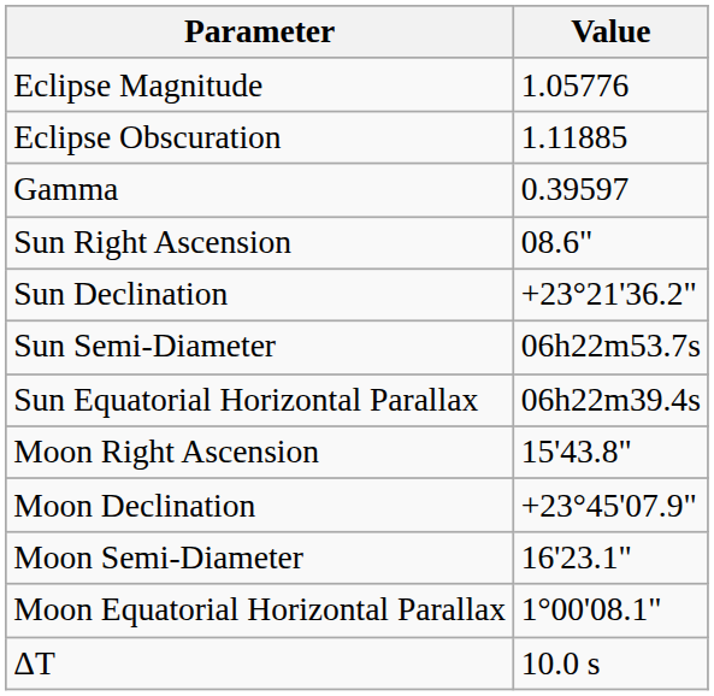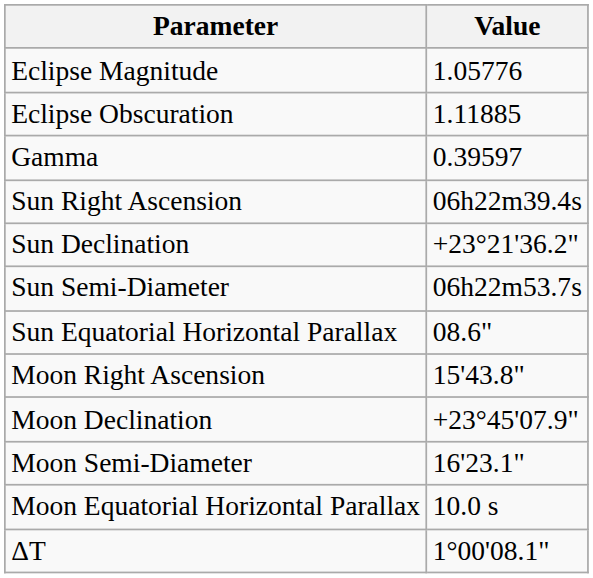 <table class="wikitable">
 <tr>
 <th>Parameter</th>
 <th>Value</th>
 </tr>
 <tr>
 <td>Eclipse Magnitude</td>
 <td>1.05776</td>
 </tr>
 <tr>
 <td>Eclipse Obscuration</td>
 <td>1.11885</td>
 </tr>
 <tr>
 <td>Gamma</td>
 <td>0.39597</td>
 </tr>
 <tr>
 <td>Sun Right Ascension</td>
-<td>08.6"</td>
+<td>06h22m39.4s</td>
 </tr>
 <tr>
 <td>Sun Declination</td>
 <td>+23°21'36.2"</td>
 </tr>
 <tr>
 <td>Sun Semi-Diameter</td>
 <td>06h22m53.7s</td>
 </tr>
 <tr>
 <td>Sun Equatorial Horizontal Parallax</td>
-<td>06h22m39.4s</td>
+<td>08.6"</td>
 </tr>
 <tr>
 <td>Moon Right Ascension</td>
 <td>15'43.8"</td>
 </tr>
 <tr>
 <td>Moon Declination</td>
 <td>+23°45'07.9"</td>
 </tr>
 <tr>
 <td>Moon Semi-Diameter</td>
 <td>16'23.1"</td>
 </tr>
 <tr>
 <td>Moon Equatorial Horizontal Parallax</td>
-<td>1°00'08.1"</td>
+<td>10.0 s</td>
 </tr>
 <tr>
 <td>ΔT</td>
-<td>10.0 s</td>
+<td>1°00'08.1"</td>
 </tr>
 </table>
